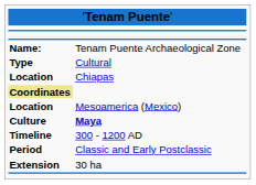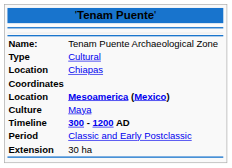 <table class="infobox" style="font-size:90%; text-align:left; width:23.5em">
 <tr>
 <td colspan="3" bgcolor="#1874CD" style="text-align: center; font-size: larger;"><span>'<strong>Tenam Puente</strong>'</span></td>
 </tr>
 <tr style="vertical-align: top; text-align: center;">
 <td colspan="3" bgcolor="#FFFFFF" align="center"></td>
 </tr>
 <tr>
 <td colspan="2" bgcolor="#1874CD"></td>
 </tr>
 <tr>
 <td colspan="2"></td>
 </tr>
 <tr>
 <td colspan="2" style="background:#efefef;" align="center"></td>
 </tr>
 <tr>
 <td colspan="2" bgcolor="#1874CD"></td>
 </tr>
 <tr>
 <td><strong>Name:</strong></td>
 <td>Tenam Puente Archaeological Zone</td>
 </tr>
 <tr>
 <td><strong>Type</strong></td>
 <td><a href='#'>Cultural</a></td>
 </tr>
 <tr>
 <td><strong>Location</strong></td>
 <td><a href='#'>Chiapas</a><br></td>
 </tr>
 <tr>
-<td style="background: khaki;"><strong>Coordinates</strong></td>
+<td><strong>Coordinates</strong></td>
 <td></td>
 </tr>
 <tr>
 <td><strong>Location</strong></td>
-<td><a href='#'>Mesoamerica</a> (<a href='#'>Mexico</a>)</td>
+<td><strong><a href='#'>Mesoamerica</a> (<a href='#'>Mexico</a>)</strong></td>
 </tr>
 <tr>
 <td><strong>Culture</strong></td>
-<td><strong><a href='#'>Maya</a></strong></td>
+<td><a href='#'>Maya</a></td>
 </tr>
 <tr>
 <td><strong>Timeline</strong></td>
-<td><a href='#'>300</a> - <a href='#'>1200</a> AD</td>
+<td><strong><a href='#'>300</a> - <a href='#'>1200</a> AD</strong></td>
 </tr>
 <tr>
 <td><strong>Period</strong></td>
 <td><a href='#'>Classic and Early Postclassic</a></td>
 </tr>
 <tr>
 <td><strong>Extension</strong></td>
 <td>30 ha</td>
 </tr>
 <tr>
 <td colspan="2" bgcolor="#1874CD"></td>
 </tr>
 <tr>
 </tr>
 </table>
